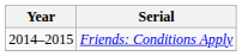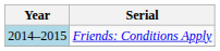 <table class="wikitable sortable">
 <tr>
 <th>Year</th>
 <th>Serial</th>
 </tr>
 <tr>
-<td>2014–2015</td>
+<td style="background: lightblue;">2014–2015</td>
 <td><em><a href='#'>Friends: Conditions Apply</a></em></td>
 </tr>
 <tr>
 </tr>
 </table>
